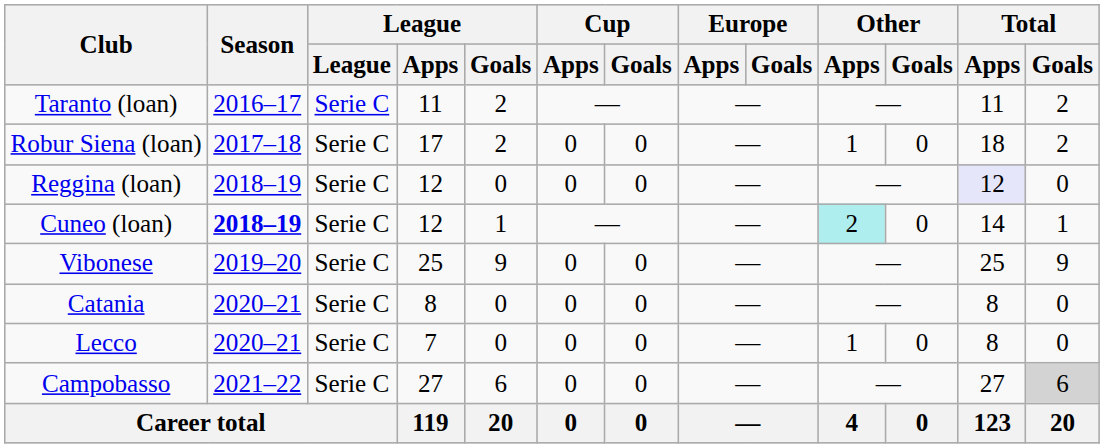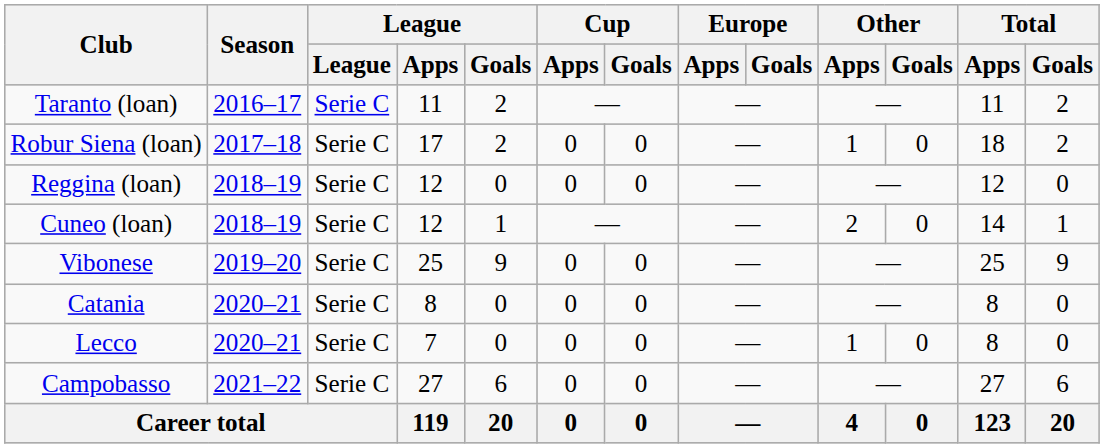 <table class="wikitable" style="text-align: center;">
 <tr>
 <th rowspan="2">Club</th>
 <th rowspan="2">Season</th>
 <th colspan="3">League</th>
 <th colspan="2">Cup</th>
 <th colspan="2">Europe</th>
 <th colspan="2">Other</th>
 <th colspan="2">Total</th>
 </tr>
 <tr>
 <th>League</th>
 <th>Apps</th>
 <th>Goals</th>
 <th>Apps</th>
 <th>Goals</th>
 <th>Apps</th>
 <th>Goals</th>
 <th>Apps</th>
 <th>Goals</th>
 <th>Apps</th>
 <th>Goals</th>
 </tr>
 <tr>
 <td><a href='#'>Taranto</a> (loan)</td>
 <td><a href='#'>2016–17</a></td>
 <td><a href='#'>Serie C</a></td>
 <td>11</td>
 <td>2</td>
 <td colspan="2">—</td>
 <td colspan="2">—</td>
 <td colspan="2">—</td>
 <td>11</td>
 <td>2</td>
 </tr>
 <tr>
 <td><a href='#'>Robur Siena</a> (loan)</td>
 <td><a href='#'>2017–18</a></td>
 <td>Serie C</td>
 <td>17</td>
 <td>2</td>
 <td>0</td>
 <td>0</td>
 <td colspan="2">—</td>
 <td>1</td>
 <td>0</td>
 <td>18</td>
 <td>2</td>
 </tr>
 <tr>
 <td><a href='#'>Reggina</a> (loan)</td>
 <td><a href='#'>2018–19</a></td>
 <td>Serie C</td>
 <td>12</td>
 <td>0</td>
 <td>0</td>
 <td>0</td>
 <td colspan="2">—</td>
 <td colspan="2">—</td>
-<td style="background: lavender;">12</td>
+<td>12</td>
 <td>0</td>
 </tr>
 <tr>
 <td><a href='#'>Cuneo</a> (loan)</td>
-<td><strong><a href='#'>2018–19</a></strong></td>
+<td><a href='#'>2018–19</a></td>
 <td>Serie C</td>
 <td>12</td>
 <td>1</td>
 <td colspan="2">—</td>
 <td colspan="2">—</td>
-<td style="background: paleturquoise;">2</td>
+<td>2</td>
 <td>0</td>
 <td>14</td>
 <td>1</td>
 </tr>
 <tr>
 <td><a href='#'>Vibonese</a></td>
 <td><a href='#'>2019–20</a></td>
 <td>Serie C</td>
 <td>25</td>
 <td>9</td>
 <td>0</td>
 <td>0</td>
 <td colspan="2">—</td>
 <td colspan="2">—</td>
 <td>25</td>
 <td>9</td>
 </tr>
 <tr>
 <td><a href='#'>Catania</a></td>
 <td><a href='#'>2020–21</a></td>
 <td>Serie C</td>
 <td>8</td>
 <td>0</td>
 <td>0</td>
 <td>0</td>
 <td colspan="2">—</td>
 <td colspan="2">—</td>
 <td>8</td>
 <td>0</td>
 </tr>
 <tr>
 <td><a href='#'>Lecco</a></td>
 <td><a href='#'>2020–21</a></td>
 <td>Serie C</td>
 <td>7</td>
 <td>0</td>
 <td>0</td>
 <td>0</td>
 <td colspan="2">—</td>
 <td>1</td>
 <td>0</td>
 <td>8</td>
 <td>0</td>
 </tr>
 <tr>
 <td><a href='#'>Campobasso</a></td>
 <td><a href='#'>2021–22</a></td>
 <td>Serie C</td>
 <td>27</td>
 <td>6</td>
 <td>0</td>
 <td>0</td>
 <td colspan="2">—</td>
 <td colspan="2">—</td>
 <td>27</td>
-<td style="background: lightgrey;">6</td>
+<td>6</td>
 </tr>
 <tr>
 <th colspan="3">Career total</th>
 <th>119</th>
 <th>20</th>
 <th>0</th>
 <th>0</th>
 <th colspan="2">—</th>
 <th>4</th>
 <th>0</th>
 <th>123</th>
 <th>20</th>
 </tr>
 </table>
